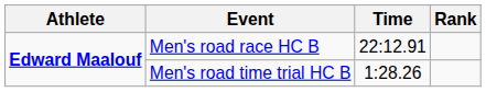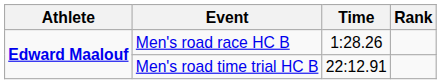 <table class=wikitable style="font-size:90%">
 <tr>
 <th>Athlete</th>
 <th>Event</th>
 <th>Time</th>
 <th>Rank</th>
 </tr>
 <tr>
 <td rowspan="2"><strong><a href='#'>Edward Maalouf</a></strong></td>
 <td><a href='#'>Men's road race HC B</a></td>
-<td style="text-align:center;">22:12.91</td>
+<td style="text-align:center;">1:28.26</td>
 <td style="text-align:center;"></td>
 </tr>
 <tr>
 <td><a href='#'>Men's road time trial HC B</a></td>
-<td style="text-align:center;">1:28.26</td>
+<td style="text-align:center;">22:12.91</td>
 <td style="text-align:center;"></td>
 </tr>
 </table>
